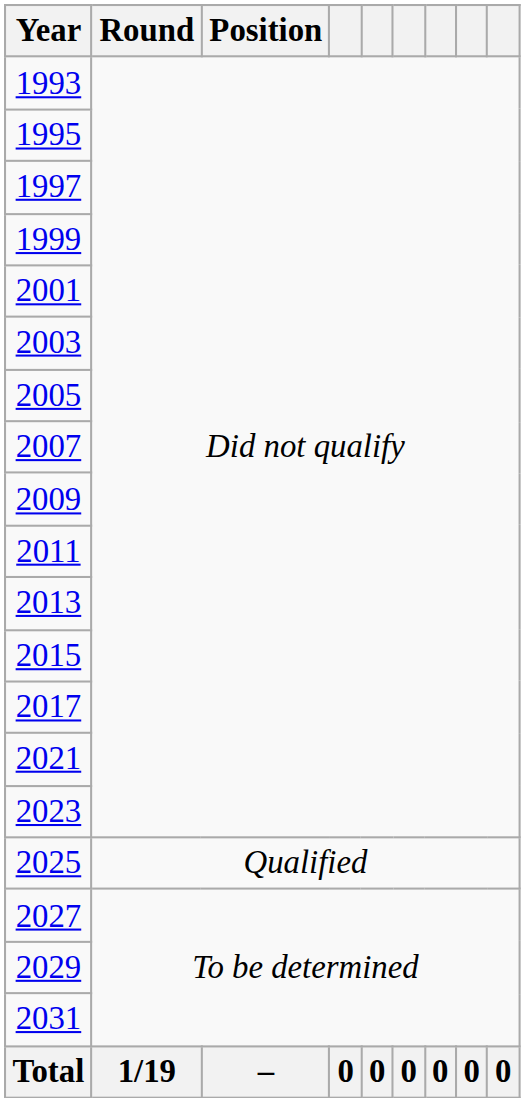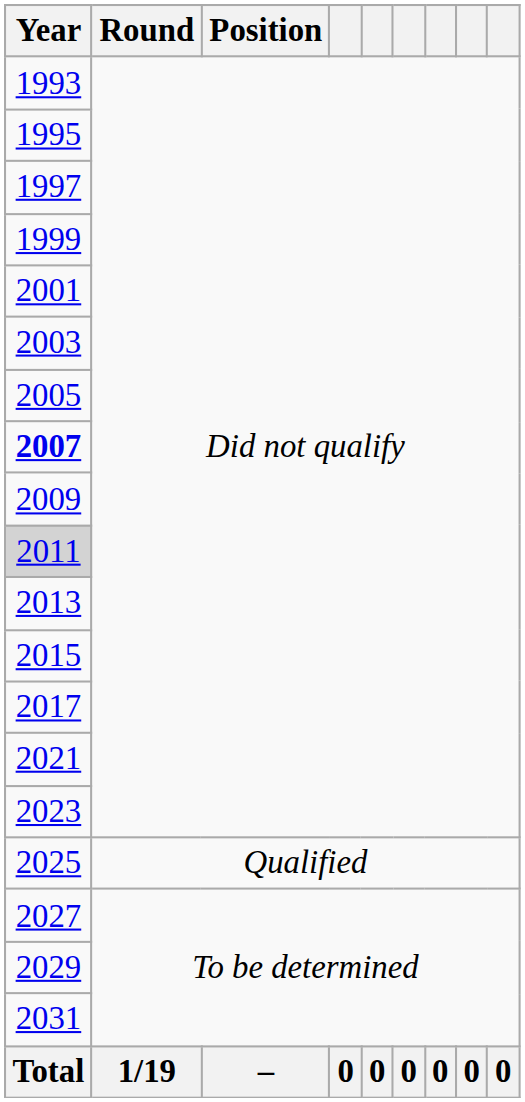 <table class="wikitable" style="text-align: center;">
 <tr>
 <th>Year</th>
 <th>Round</th>
 <th>Position</th>
 <th></th>
 <th></th>
 <th></th>
 <th></th>
 <th></th>
 <th></th>
 </tr>
 <tr>
 <td> <a href='#'>1993</a></td>
 <td colspan=8 rowspan=15><em>Did not qualify</em></td>
 </tr>
 <tr>
 <td> <a href='#'>1995</a></td>
 </tr>
 <tr>
 <td> <a href='#'>1997</a></td>
 </tr>
 <tr>
 <td> <a href='#'>1999</a></td>
 </tr>
 <tr>
 <td> <a href='#'>2001</a></td>
 </tr>
 <tr>
 <td> <a href='#'>2003</a></td>
 </tr>
 <tr>
 <td> <a href='#'>2005</a></td>
 </tr>
 <tr>
-<td> <a href='#'>2007</a></td>
+<td><strong> <a href='#'>2007</a></strong></td>
 </tr>
 <tr>
 <td> <a href='#'>2009</a></td>
 </tr>
 <tr>
-<td> <a href='#'>2011</a></td>
+<td style="background: lightgrey;"> <a href='#'>2011</a></td>
 </tr>
 <tr>
 <td> <a href='#'>2013</a></td>
 </tr>
 <tr>
 <td> <a href='#'>2015</a></td>
 </tr>
 <tr>
 <td> <a href='#'>2017</a></td>
 </tr>
 <tr>
 <td> <a href='#'>2021</a></td>
 </tr>
 <tr>
 <td> <a href='#'>2023</a></td>
 </tr>
 <tr>
 <td> <a href='#'>2025</a></td>
 <td align=center colspan=8><em>Qualified</em></td>
 </tr>
 <tr>
 <td> <a href='#'>2027</a></td>
 <td align=center colspan=8 rowspan=3><em>To be determined</em></td>
 </tr>
 <tr>
 <td> <a href='#'>2029</a></td>
 </tr>
 <tr>
 <td> <a href='#'>2031</a></td>
 </tr>
 <tr>
 <th>Total</th>
 <th>1/19</th>
 <th>–</th>
 <th>0</th>
 <th>0</th>
 <th>0</th>
 <th>0</th>
 <th>0</th>
 <th>0</th>
 </tr>
 </table>
